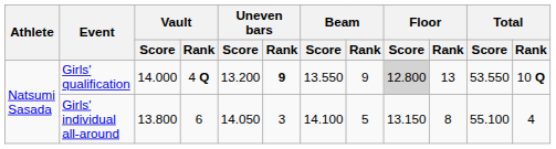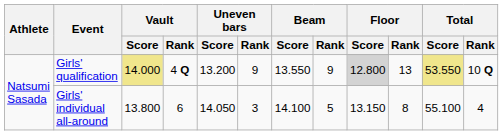 <table class="wikitable" border="1" style="font-size:90%">
 <tr>
 <th rowspan=2>Athlete</th>
 <th rowspan=2>Event</th>
 <th colspan=2>Vault</th>
 <th colspan=2>Uneven bars</th>
 <th colspan=2>Beam</th>
 <th colspan=2>Floor</th>
 <th colspan=2>Total</th>
 </tr>
 <tr>
 <th>Score</th>
 <th>Rank</th>
 <th>Score</th>
 <th>Rank</th>
 <th>Score</th>
 <th>Rank</th>
 <th>Score</th>
 <th>Rank</th>
 <th>Score</th>
 <th>Rank</th>
 </tr>
 <tr>
 <td rowspan=2><a href='#'>Natsumi Sasada</a></td>
 <td><a href='#'>Girls' qualification</a></td>
-<td align=center>14.000</td>
+<td align=center style="background: khaki;">14.000</td>
 <td align=center>4 <strong>Q</strong></td>
 <td align=center>13.200</td>
-<td align=center><strong>9</strong></td>
+<td align=center>9</td>
 <td align=center>13.550</td>
 <td align=center>9</td>
 <td align=center style="background: lightgrey;">12.800</td>
 <td align=center>13</td>
-<td align=center>53.550</td>
+<td align=center style="background: khaki;">53.550</td>
 <td align=center>10 <strong>Q</strong></td>
 </tr>
 <tr>
 <td><a href='#'>Girls' individual all-around</a></td>
 <td align=center>13.800</td>
 <td align=center>6</td>
 <td align=center>14.050</td>
 <td align=center>3</td>
 <td align=center>14.100</td>
 <td align=center>5</td>
 <td align=center>13.150</td>
 <td align=center>8</td>
 <td align=center>55.100</td>
 <td align=center>4</td>
 </tr>
 </table>
